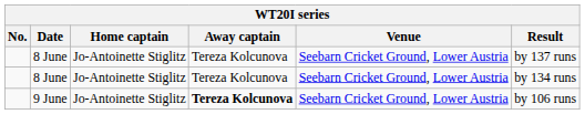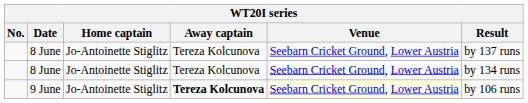 <table class="wikitable">
 <tr>
 <th colspan="9">WT20I series</th>
 </tr>
 <tr>
 <th>No.</th>
 <th>Date</th>
 <th>Home captain</th>
 <th>Away captain</th>
 <th>Venue</th>
 <th>Result</th>
 </tr>
 <tr>
 <td></td>
 <td>8 June</td>
 <td>Jo-Antoinette Stiglitz</td>
 <td>Tereza Kolcunova</td>
 <td><a href='#'>Seebarn Cricket Ground</a>, <a href='#'>Lower Austria</a></td>
 <td> by 137 runs</td>
 </tr>
 <tr>
 <td></td>
 <td>8 June</td>
 <td>Jo-Antoinette Stiglitz</td>
 <td>Tereza Kolcunova</td>
 <td><a href='#'>Seebarn Cricket Ground</a>, <a href='#'>Lower Austria</a></td>
 <td> by 134 runs</td>
 </tr>
 <tr>
 <td></td>
 <td>9 June</td>
 <td>Jo-Antoinette Stiglitz</td>
 <td><strong>Tereza Kolcunova</strong></td>
-<td><a href='#'>Seebarn Cricket Ground</a>, <a href='#'>Lower Austria</a></td>
+<td style="background: lightyellow;"><a href='#'>Seebarn Cricket Ground</a>, <a href='#'>Lower Austria</a></td>
 <td> by 106 runs</td>
 </tr>
 </table>
